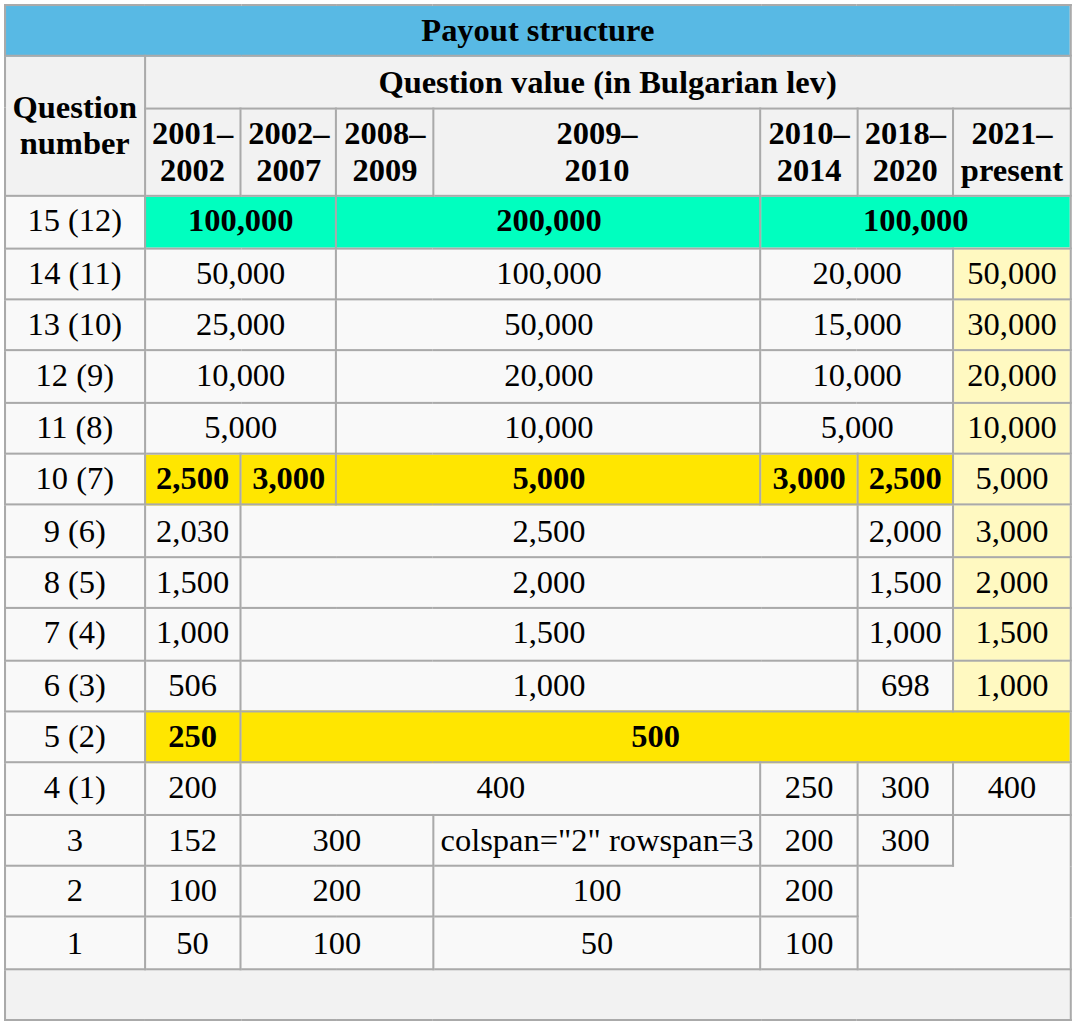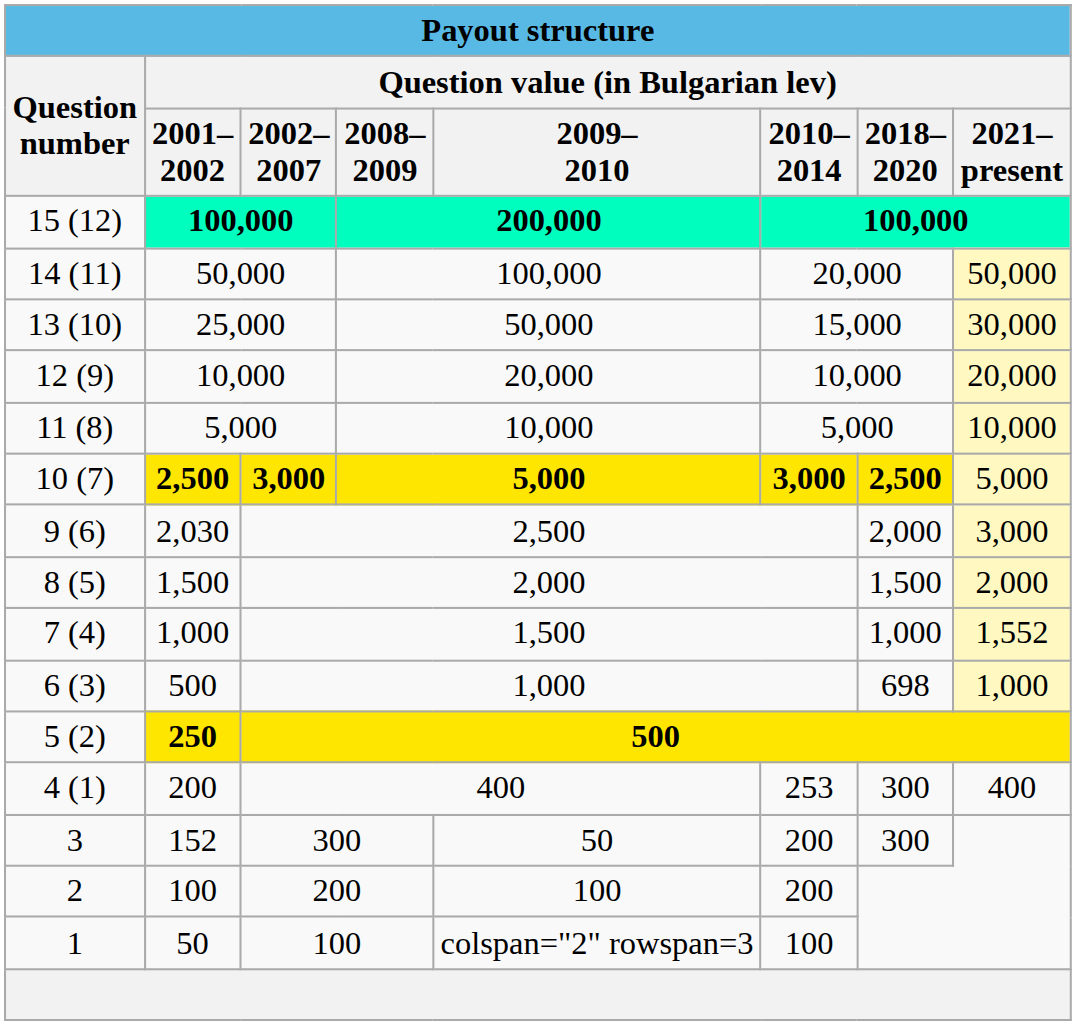 <table class="wikitable" style="text-align:center;">
 <tr>
 <th colspan=8 style="background: #58B9E4">Payout structure</th>
 </tr>
 <tr>
 <th rowspan=2>Question<br>number</th>
 <th colspan=7>Question value (in Bulgarian lev)</th>
 </tr>
 <tr>
 <th>2001–<br>2002</th>
 <th>2002–<br>2007</th>
 <th>2008–<br>2009</th>
 <th>2009–<br>2010</th>
 <th>2010–<br>2014</th>
 <th>2018–<br>2020</th>
 <th>2021–<br>present</th>
 </tr>
 <tr>
 <td>15 (12)</td>
 <td colspan="2" style="background: #00FFBF"><strong>100,000</strong></td>
 <td colspan="2" style="background: #00FFBF"><strong>200,000</strong></td>
 <td colspan="3" style="background: #00FFBF"><strong>100,000</strong></td>
 </tr>
 <tr>
 <td>14 (11)</td>
 <td colspan="2">50,000</td>
 <td colspan="2">100,000</td>
 <td colspan="2">20,000</td>
 <td style="background: #FFF9C1">50,000</td>
 </tr>
 <tr>
 <td>13 (10)</td>
 <td colspan="2">25,000</td>
 <td colspan="2">50,000</td>
 <td colspan="2">15,000</td>
 <td style="background: #FFF9C1">30,000</td>
 </tr>
 <tr>
 <td>12 (9)</td>
 <td colspan="2">10,000</td>
 <td colspan="2">20,000</td>
 <td colspan="2">10,000</td>
 <td style="background: #FFF9C1">20,000</td>
 </tr>
 <tr>
 <td>11 (8)</td>
 <td colspan="2">5,000</td>
 <td colspan="2">10,000</td>
 <td colspan="2">5,000</td>
 <td style="background: #FFF9C1">10,000</td>
 </tr>
 <tr>
 <td>10 (7)</td>
 <td style="background: #FFE600"><strong>2,500</strong></td>
 <td style="background: #FFE600"><strong>3,000</strong></td>
 <td colspan="2" style="background: #FFE600"><strong>5,000</strong></td>
 <td style="background: #FFE600"><strong>3,000</strong></td>
 <td style="background: #FFE600"><strong>2,500</strong></td>
 <td style="background: #FFF9C1">5,000</td>
 </tr>
 <tr>
 <td>9 (6)</td>
 <td>2,030</td>
 <td colspan="4">2,500</td>
 <td>2,000</td>
 <td style="background: #FFF9C1">3,000</td>
 </tr>
 <tr>
 <td>8 (5)</td>
 <td>1,500</td>
 <td colspan="4">2,000</td>
 <td>1,500</td>
 <td style="background: #FFF9C1">2,000</td>
 </tr>
 <tr>
 <td>7 (4)</td>
 <td>1,000</td>
 <td colspan="4">1,500</td>
 <td>1,000</td>
-<td style="background: #FFF9C1">1,500</td>
+<td style="background: #FFF9C1">1,552</td>
 </tr>
 <tr>
 <td>6 (3)</td>
-<td>506</td>
+<td>500</td>
 <td colspan="4">1,000</td>
 <td>698</td>
 <td style="background: #FFF9C1">1,000</td>
 </tr>
 <tr>
 <td>5 (2)</td>
 <td style="background: #FFE600"><strong>250</strong></td>
 <td colspan="6" style="background: #FFE600"><strong>500</strong></td>
 </tr>
 <tr>
 <td>4 (1)</td>
 <td>200</td>
 <td colspan="3">400</td>
-<td>250</td>
+<td>253</td>
 <td>300</td>
 <td>400</td>
 </tr>
 <tr>
 <td>3</td>
 <td>152</td>
 <td colspan="2">300</td>
-<td>colspan="2" rowspan=3 </td>
+<td>50</td>
 <td>200</td>
 <td>300</td>
 </tr>
 <tr>
 <td>2</td>
 <td>100</td>
 <td colspan="2">200</td>
 <td>100</td>
 <td>200</td>
 </tr>
 <tr>
 <td>1</td>
 <td>50</td>
 <td colspan="2">100</td>
-<td>50</td>
+<td>colspan="2" rowspan=3 </td>
 <td>100</td>
 </tr>
 <tr>
 <th colspan=8 style="text-align:left"><br></th>
 </tr>
 </table>
